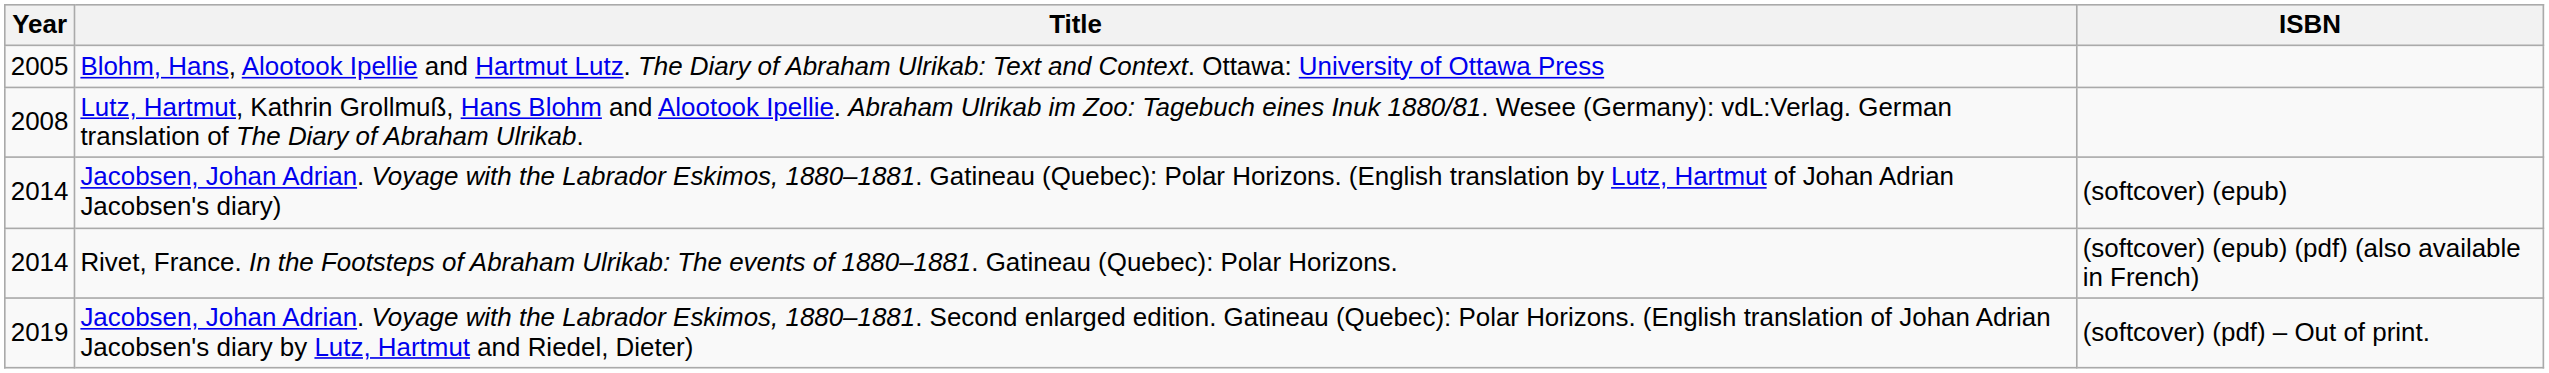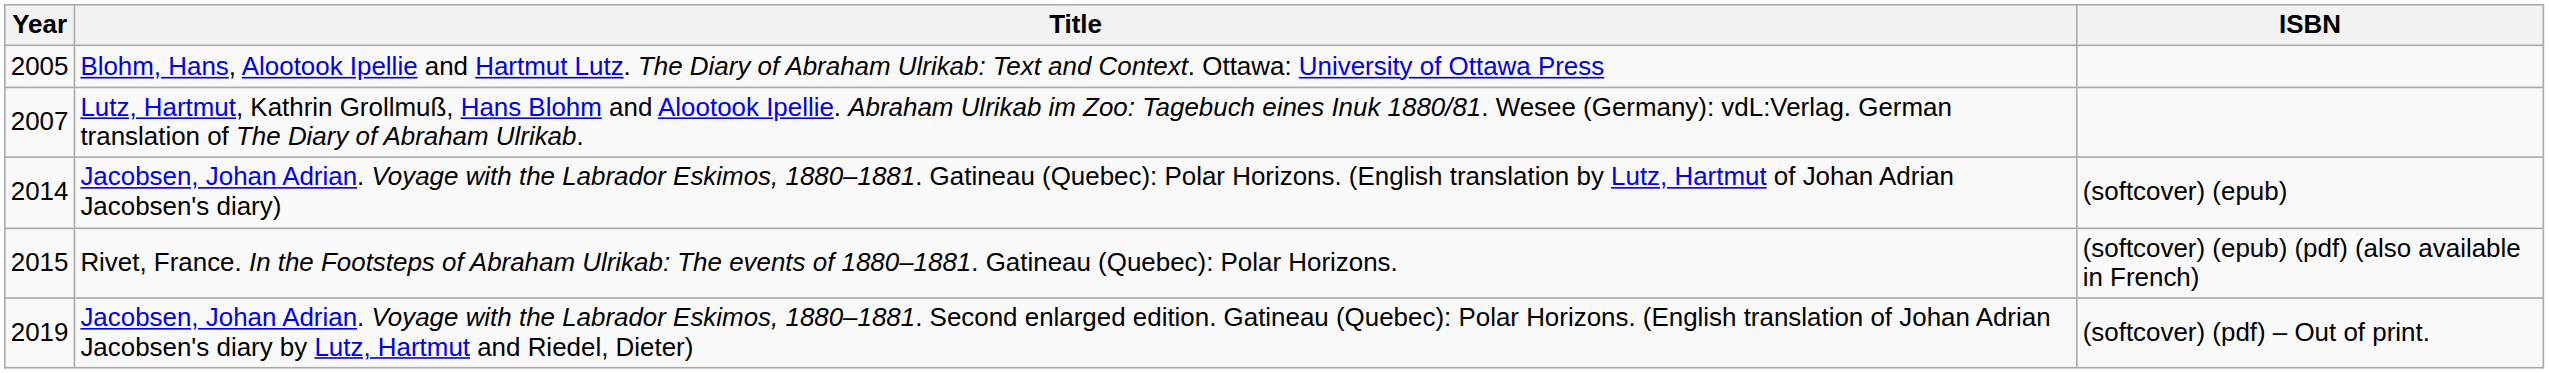 <table class="wikitable">
 <tr>
 <th>Year</th>
 <th>Title</th>
 <th>ISBN</th>
 </tr>
 <tr>
 <td>2005</td>
 <td align="left"><a href='#'>Blohm, Hans</a>, <a href='#'>Alootook Ipellie</a> and <a href='#'>Hartmut Lutz</a>. <em>The Diary of Abraham Ulrikab: Text and Context</em>. Ottawa: <a href='#'>University of Ottawa Press</a></td>
 <td align="left"></td>
 </tr>
 <tr>
-<td>2008</td>
+<td>2007</td>
 <td align="left"><a href='#'>Lutz, Hartmut</a>, Kathrin Grollmuß, <a href='#'>Hans Blohm</a> and <a href='#'>Alootook Ipellie</a>. <em>Abraham Ulrikab im Zoo: Tagebuch eines Inuk 1880/81</em>. Wesee (Germany): vdL:Verlag. German translation of <em>The Diary of Abraham Ulrikab</em>.</td>
 <td align="left"></td>
 </tr>
 <tr>
 <td>2014</td>
 <td align="left"><a href='#'>Jacobsen, Johan Adrian</a>. <em>Voyage with the Labrador Eskimos, 1880–1881</em>. Gatineau (Quebec): Polar Horizons. (English translation by <a href='#'>Lutz, Hartmut</a> of Johan Adrian Jacobsen's diary)</td>
 <td align="left"> (softcover)  (epub)</td>
 </tr>
 <tr>
-<td>2014</td>
+<td>2015</td>
 <td align="left">Rivet, France. <em>In the Footsteps of Abraham Ulrikab: The events of 1880–1881</em>. Gatineau (Quebec): Polar Horizons.</td>
 <td align="left"> (softcover)  (epub)  (pdf) (also available in French)</td>
 </tr>
 <tr>
 <td>2019</td>
 <td align="left"><a href='#'>Jacobsen, Johan Adrian</a>. <em>Voyage with the Labrador Eskimos, 1880–1881</em>. Second enlarged edition. Gatineau (Quebec): Polar Horizons. (English translation of Johan Adrian Jacobsen's diary by <a href='#'>Lutz, Hartmut</a> and Riedel, Dieter)</td>
 <td align="left"> (softcover)  (pdf) – Out of print.</td>
 </tr>
 </table>
